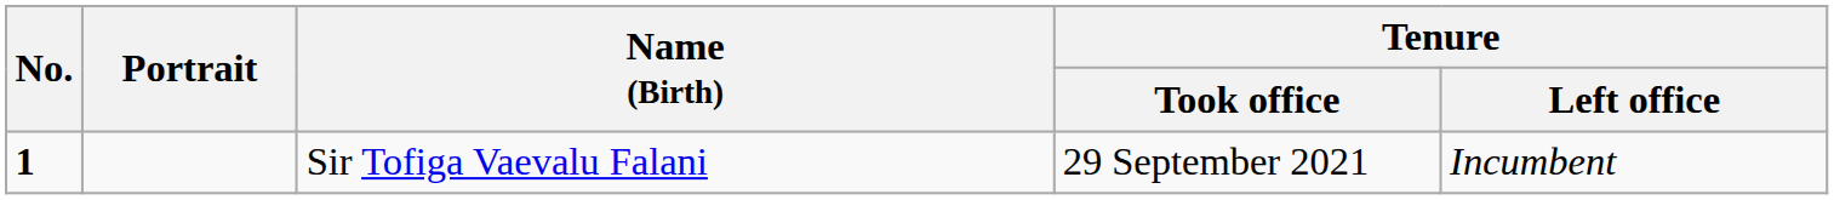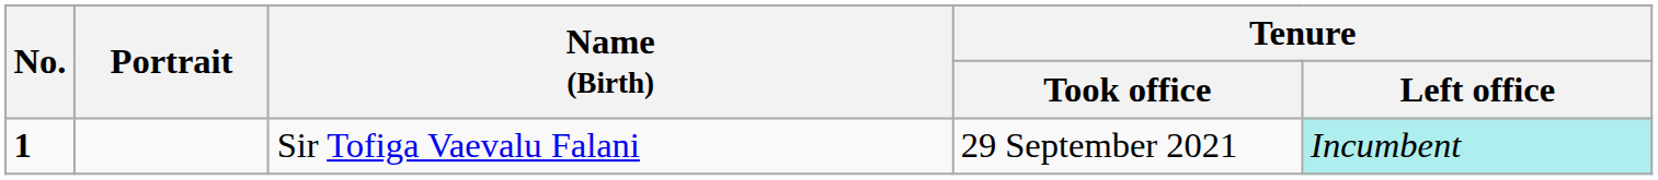 <table class="wikitable">
 <tr>
 <th scope="col" style="width:20px;" rowspan="2">No.</th>
 <th scope="col" style="width:80px;" rowspan="2">Portrait</th>
 <th scope="col" style="width:300px;" rowspan="2">Name<br><small>(Birth)</small></th>
 <th scope="col" style="width:300px;" colspan="2">Tenure</th>
 </tr>
 <tr>
 <th scope="col" style="width:150px;">Took office</th>
 <th scope="col" style="width:150px;">Left office</th>
 </tr>
 <tr>
 <td><strong>1</strong></td>
 <td style="text-align: center;"></td>
 <td>Sir <a href='#'>Tofiga Vaevalu Falani</a><br></td>
 <td>29 September 2021</td>
-<td><em>Incumbent</em></td>
+<td style="background: paleturquoise;"><em>Incumbent</em></td>
 </tr>
 </table>
